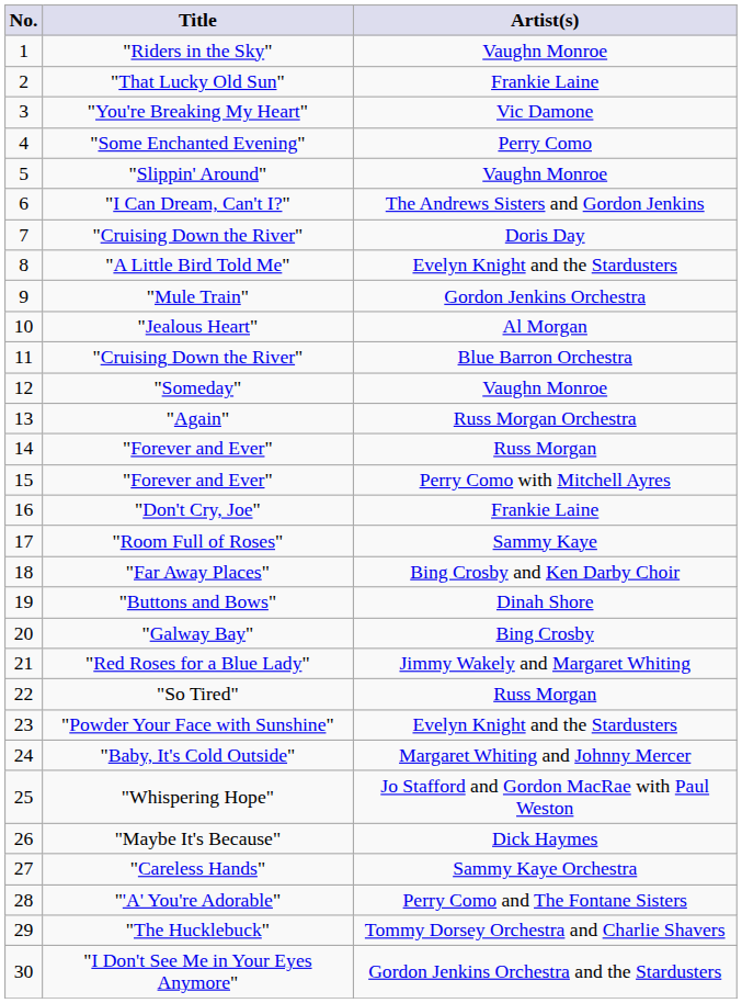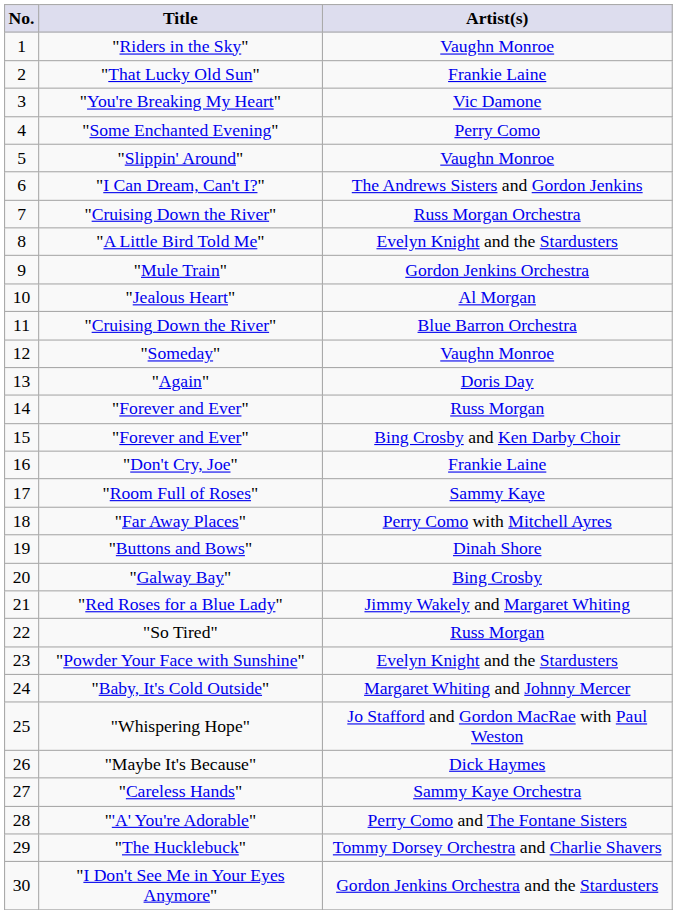 <table class="wikitable sortable" style="text-align: center">
 <tr>
 <th scope="col" style="background:#dde;">No.</th>
 <th scope="col" style="background:#dde;">Title</th>
 <th scope="col" style="background:#dde;">Artist(s)</th>
 </tr>
 <tr>
 <td>1</td>
 <td>"<a href='#'>Riders in the Sky</a>"</td>
 <td><a href='#'>Vaughn Monroe</a></td>
 </tr>
 <tr>
 <td>2</td>
 <td>"<a href='#'>That Lucky Old Sun</a>"</td>
 <td><a href='#'>Frankie Laine</a></td>
 </tr>
 <tr>
 <td>3</td>
 <td>"<a href='#'>You're Breaking My Heart</a>"</td>
 <td><a href='#'>Vic Damone</a></td>
 </tr>
 <tr>
 <td>4</td>
 <td>"<a href='#'>Some Enchanted Evening</a>"</td>
 <td><a href='#'>Perry Como</a></td>
 </tr>
 <tr>
 <td>5</td>
 <td>"<a href='#'>Slippin' Around</a>"</td>
 <td><a href='#'>Vaughn Monroe</a></td>
 </tr>
 <tr>
 <td>6</td>
 <td>"<a href='#'>I Can Dream, Can't I?</a>"</td>
 <td><a href='#'>The Andrews Sisters</a> and <a href='#'>Gordon Jenkins</a></td>
 </tr>
 <tr>
 <td>7</td>
 <td>"<a href='#'>Cruising Down the River</a>"</td>
-<td><a href='#'>Doris Day</a></td>
+<td><a href='#'>Russ Morgan Orchestra</a></td>
 </tr>
 <tr>
 <td>8</td>
 <td>"<a href='#'>A Little Bird Told Me</a>"</td>
 <td><a href='#'>Evelyn Knight</a> and the <a href='#'>Stardusters</a></td>
 </tr>
 <tr>
 <td>9</td>
 <td>"<a href='#'>Mule Train</a>"</td>
 <td><a href='#'>Gordon Jenkins Orchestra</a></td>
 </tr>
 <tr>
 <td>10</td>
 <td>"<a href='#'>Jealous Heart</a>"</td>
 <td><a href='#'>Al Morgan</a></td>
 </tr>
 <tr>
 <td>11</td>
 <td>"<a href='#'>Cruising Down the River</a>"</td>
 <td><a href='#'>Blue Barron Orchestra</a></td>
 </tr>
 <tr>
 <td>12</td>
 <td>"<a href='#'>Someday</a>"</td>
 <td><a href='#'>Vaughn Monroe</a></td>
 </tr>
 <tr>
 <td>13</td>
 <td>"<a href='#'>Again</a>"</td>
-<td><a href='#'>Russ Morgan Orchestra</a></td>
+<td><a href='#'>Doris Day</a></td>
 </tr>
 <tr>
 <td>14</td>
 <td>"<a href='#'>Forever and Ever</a>"</td>
 <td><a href='#'>Russ Morgan</a></td>
 </tr>
 <tr>
 <td>15</td>
 <td>"<a href='#'>Forever and Ever</a>"</td>
-<td><a href='#'>Perry Como</a> with <a href='#'>Mitchell Ayres</a></td>
+<td><a href='#'>Bing Crosby</a> and <a href='#'>Ken Darby Choir</a></td>
 </tr>
 <tr>
 <td>16</td>
 <td>"<a href='#'>Don't Cry, Joe</a>"</td>
 <td><a href='#'>Frankie Laine</a></td>
 </tr>
 <tr>
 <td>17</td>
 <td>"<a href='#'>Room Full of Roses</a>"</td>
 <td><a href='#'>Sammy Kaye</a></td>
 </tr>
 <tr>
 <td>18</td>
 <td>"<a href='#'>Far Away Places</a>"</td>
-<td><a href='#'>Bing Crosby</a> and <a href='#'>Ken Darby Choir</a></td>
+<td><a href='#'>Perry Como</a> with <a href='#'>Mitchell Ayres</a></td>
 </tr>
 <tr>
 <td>19</td>
 <td>"<a href='#'>Buttons and Bows</a>"</td>
 <td><a href='#'>Dinah Shore</a></td>
 </tr>
 <tr>
 <td>20</td>
 <td>"<a href='#'>Galway Bay</a>"</td>
 <td><a href='#'>Bing Crosby</a></td>
 </tr>
 <tr>
 <td>21</td>
 <td>"<a href='#'>Red Roses for a Blue Lady</a>"</td>
 <td><a href='#'>Jimmy Wakely</a> and <a href='#'>Margaret Whiting</a></td>
 </tr>
 <tr>
 <td>22</td>
 <td>"So Tired"</td>
 <td><a href='#'>Russ Morgan</a></td>
 </tr>
 <tr>
 <td>23</td>
 <td>"<a href='#'>Powder Your Face with Sunshine</a>"</td>
 <td><a href='#'>Evelyn Knight</a> and the <a href='#'>Stardusters</a></td>
 </tr>
 <tr>
 <td>24</td>
 <td>"<a href='#'>Baby, It's Cold Outside</a>"</td>
 <td><a href='#'>Margaret Whiting</a> and <a href='#'>Johnny Mercer</a></td>
 </tr>
 <tr>
 <td>25</td>
 <td>"Whispering Hope"</td>
 <td><a href='#'>Jo Stafford</a> and <a href='#'>Gordon MacRae</a> with <a href='#'>Paul Weston</a></td>
 </tr>
 <tr>
 <td>26</td>
 <td>"Maybe It's Because"</td>
 <td><a href='#'>Dick Haymes</a></td>
 </tr>
 <tr>
 <td>27</td>
 <td>"<a href='#'>Careless Hands</a>"</td>
 <td><a href='#'>Sammy Kaye Orchestra</a></td>
 </tr>
 <tr>
 <td>28</td>
 <td>"<a href='#'>'A' You're Adorable</a>"</td>
 <td><a href='#'>Perry Como</a> and <a href='#'>The Fontane Sisters</a></td>
 </tr>
 <tr>
 <td>29</td>
 <td>"<a href='#'>The Hucklebuck</a>"</td>
 <td><a href='#'>Tommy Dorsey Orchestra</a> and <a href='#'>Charlie Shavers</a></td>
 </tr>
 <tr>
 <td>30</td>
 <td>"<a href='#'>I Don't See Me in Your Eyes Anymore</a>"</td>
 <td><a href='#'>Gordon Jenkins Orchestra</a> and the <a href='#'>Stardusters</a></td>
 </tr>
 </table>
